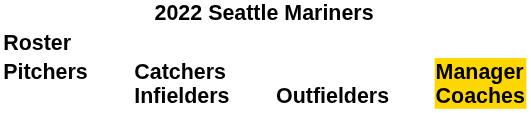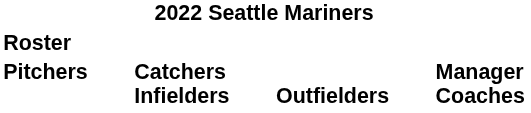 <table class="toccolours" style="font-size: 95%;">
 <tr>
 <th colspan="10">2022 Seattle Mariners</th>
 </tr>
 <tr>
 <td colspan="10"><strong>Roster</strong></td>
 </tr>
 <tr>
 <td valign="top"><strong>Pitchers</strong><br>                           </td>
 <td style="width:25px;"></td>
 <td valign="top"><strong>Catchers</strong><br>      <strong>Infielders</strong>           </td>
 <td style="width:25px;"></td>
 <td valign="top"><br><strong>Outfielders</strong>              </td>
 <td style="width:25px;"></td>
-<td valign="top" style="background: gold;"><strong>Manager</strong><br> <strong>Coaches</strong>                       </td>
+<td valign="top"><strong>Manager</strong><br> <strong>Coaches</strong>                       </td>
 </tr>
 </table>
